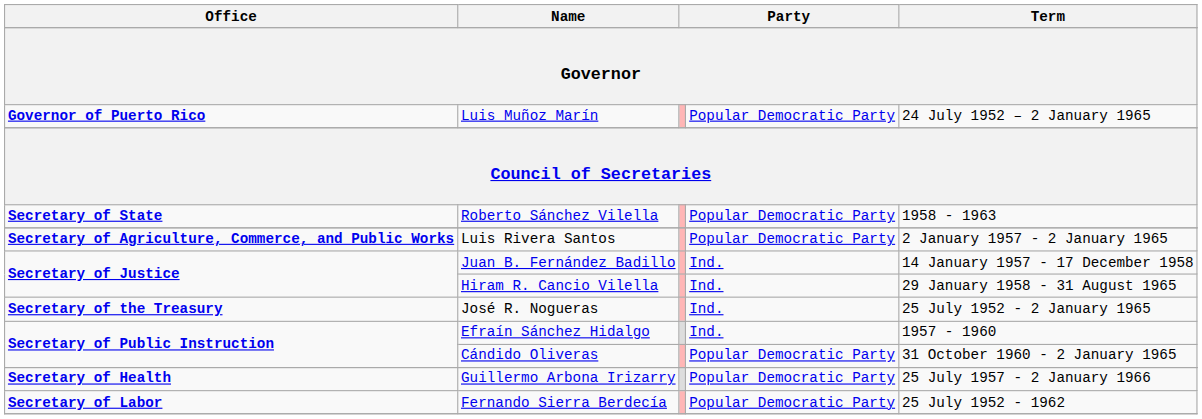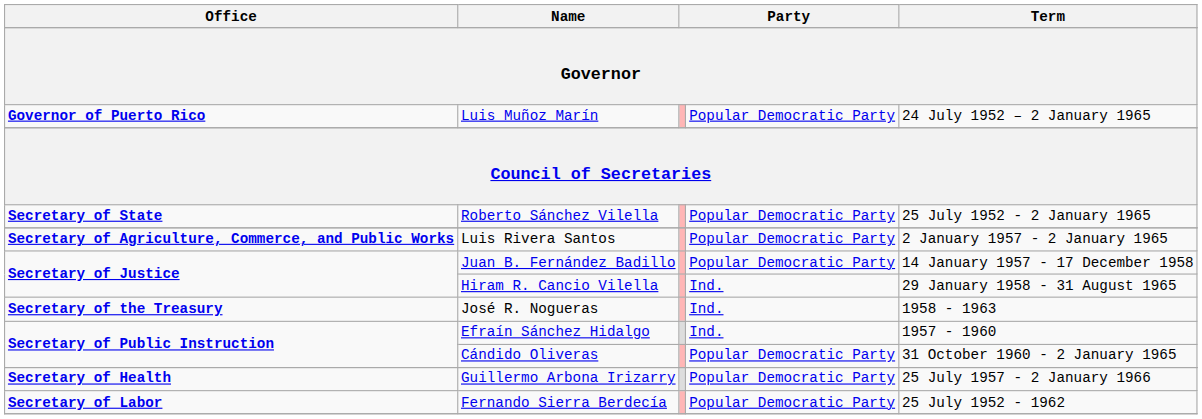 <table class="wikitable">
 <tr>
 <th>Office</th>
 <th>Name</th>
 <th colspan="2">Party</th>
 <th>Term</th>
 </tr>
 <tr>
 </tr>
 <tr>
 <th colspan="9"><br><h3>Governor</h3></th>
 </tr>
 <tr>
 <td rowspan="1"><strong><a href='#'>Governor of Puerto Rico</a></strong><br></td>
 <td><a href='#'>Luis Muñoz Marín</a></td>
 <td style="background-color:#FFB6B6"></td>
 <td><a href='#'>Popular Democratic Party</a></td>
 <td>24 July 1952 – 2 January 1965</td>
 </tr>
 <tr>
 </tr>
 <tr>
 <th colspan="9"><br><h3><a href='#'>Council of Secretaries</a></h3></th>
 </tr>
 <tr>
 <td rowspan="1"><strong><a href='#'>Secretary of State</a></strong><br></td>
 <td><a href='#'>Roberto Sánchez Vilella</a></td>
 <td style="background-color:#FFB6B6"></td>
 <td><a href='#'>Popular Democratic Party</a></td>
-<td>1958 - 1963</td>
+<td>25 July 1952 - 2 January 1965</td>
 </tr>
 <tr>
 </tr>
 <tr>
 <td rowspan="1"><strong><a href='#'>Secretary of Agriculture, Commerce, and Public Works</a></strong><br></td>
 <td>Luis Rivera Santos </td>
 <td style="background-color:#FFB6B6"></td>
 <td><a href='#'>Popular Democratic Party</a></td>
 <td>2 January 1957 - 2 January 1965</td>
 </tr>
 <tr>
 <td rowspan="2"><strong><a href='#'>Secretary of Justice</a></strong><br></td>
 <td><a href='#'>Juan B. Fernández Badillo</a></td>
 <td style="background-color:#FFB6B6"></td>
-<td><a href='#'>Ind.</a></td>
+<td><a href='#'>Popular Democratic Party</a></td>
 <td>14 January 1957 - 17 December 1958</td>
 </tr>
 <tr>
 <td><a href='#'>Hiram R. Cancio Vilella</a></td>
 <td style="background-color:#FFB6B6"></td>
 <td><a href='#'>Ind.</a></td>
 <td>29 January 1958 - 31 August 1965</td>
 </tr>
 <tr>
 <td rowspan="1"><strong><a href='#'>Secretary of the Treasury</a></strong><br></td>
 <td>José R. Nogueras </td>
 <td style="background-color:#FFB6B6"></td>
 <td><a href='#'>Ind.</a></td>
-<td>25 July 1952 - 2 January 1965</td>
+<td>1958 - 1963</td>
 </tr>
 <tr>
 <td rowspan="2"><strong><a href='#'>Secretary of Public Instruction</a></strong><br></td>
 <td><a href='#'>Efraín Sánchez Hidalgo</a></td>
 <td style="background-color:#DDDDDD"></td>
 <td><a href='#'>Ind.</a></td>
 <td>1957 - 1960</td>
 </tr>
 <tr>
 <td><a href='#'>Cándido Oliveras</a></td>
 <td style="background-color:#FFB6B6"></td>
 <td><a href='#'>Popular Democratic Party</a></td>
 <td>31 October 1960 - 2 January 1965</td>
 </tr>
 <tr>
 </tr>
 <tr>
 <td rowspan="1"><strong><a href='#'>Secretary of Health</a></strong><br></td>
 <td><a href='#'>Guillermo Arbona Irizarry</a></td>
 <td style="background-color:#DDDDDD"></td>
 <td><a href='#'>Popular Democratic Party</a></td>
 <td>25 July 1957 - 2 January 1966</td>
 </tr>
 <tr>
 <td rowspan="1"><strong><a href='#'>Secretary of Labor</a></strong><br></td>
 <td><a href='#'>Fernando Sierra Berdecía</a></td>
 <td style="background-color:#FFB6B6"></td>
 <td><a href='#'>Popular Democratic Party</a></td>
 <td>25 July 1952 - 1962</td>
 </tr>
 <tr>
 </tr>
 </table>
